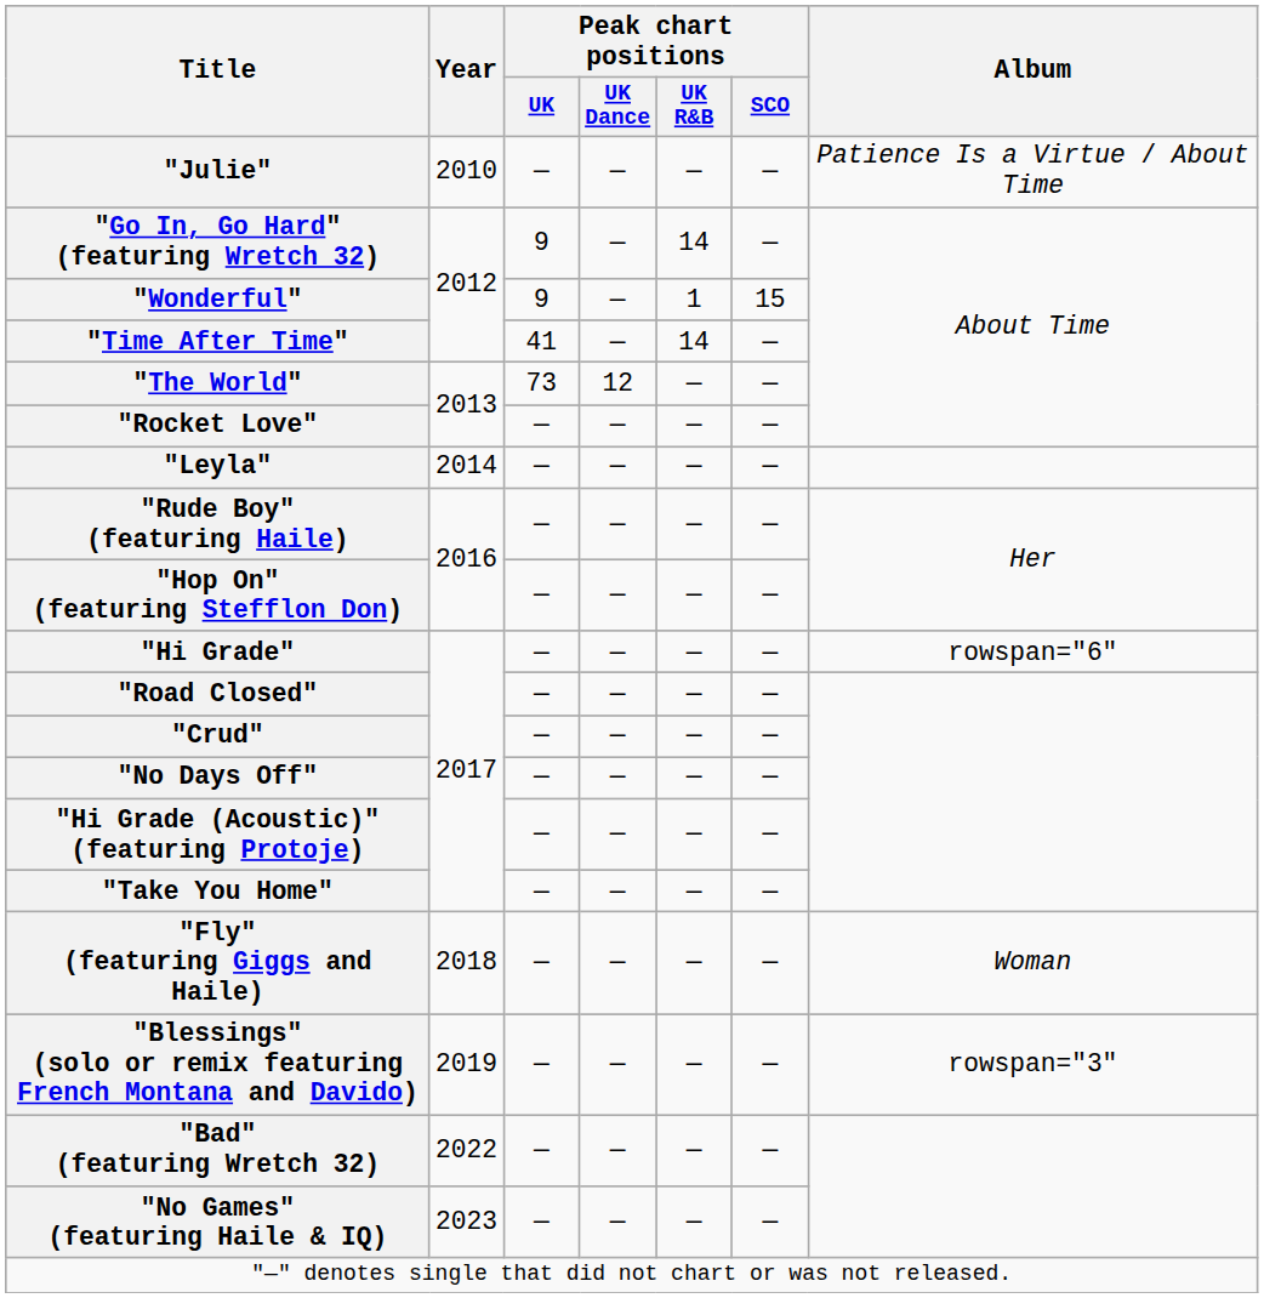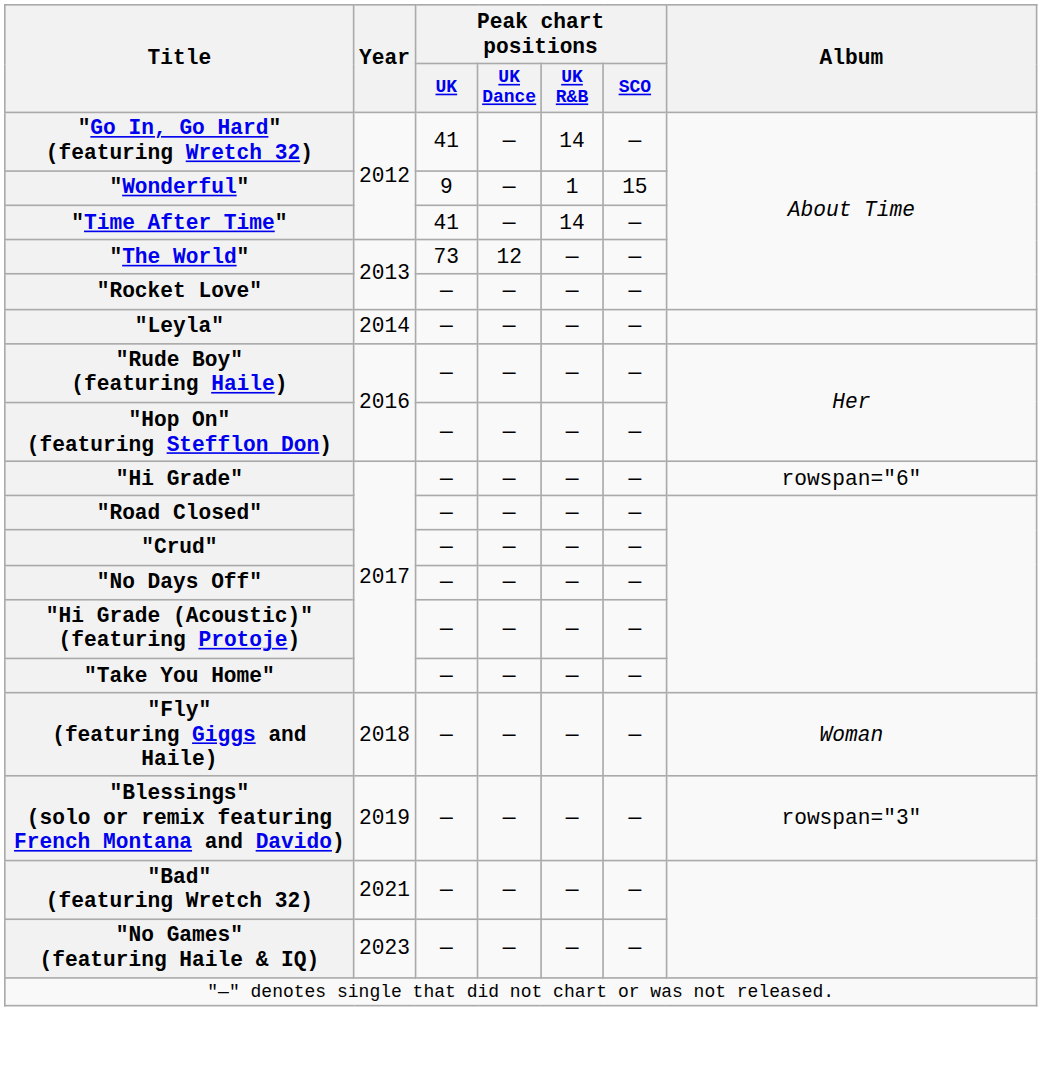 <table class="wikitable plainrowheaders" style="text-align:center;">
 <tr>
 <th scope="col" rowspan="2" style="width:16em;">Title</th>
 <th scope="col" rowspan="2" style="width:1em;">Year</th>
 <th scope="col" colspan="4">Peak chart positions</th>
 <th scope="col" rowspan="2" style="width:17em;">Album</th>
 </tr>
 <tr>
 <th scope="col" style="width:3em;font-size:85%;"><a href='#'>UK</a><br></th>
 <th scope="col" style="width:3em;font-size:85%;"><a href='#'>UK Dance</a><br></th>
 <th scope="col" style="width:3em;font-size:85%;"><a href='#'>UK R&B</a><br></th>
 <th scope="col" style="width:3em;font-size:85%;"><a href='#'>SCO</a><br></th>
 </tr>
 <tr>
-<th scope="row">"Julie"</th>
-<td>2010</td>
-<td>—</td>
-<td>—</td>
-<td>—</td>
-<td>—</td>
-<td><em>Patience Is a Virtue</em> / <em>About Time</em></td>
-</tr>
-<tr>
 <th scope="row">"<a href='#'>Go In, Go Hard</a>"<br><span>(featuring <a href='#'>Wretch 32</a>)</span></th>
 <td rowspan="3">2012</td>
-<td>9</td>
+<td>41</td>
 <td>—</td>
 <td>14</td>
 <td>—</td>
 <td rowspan="5"><em>About Time</em></td>
 </tr>
 <tr>
 <th scope="row">"<a href='#'>Wonderful</a>"</th>
 <td>9</td>
 <td>—</td>
 <td>1</td>
 <td>15</td>
 </tr>
 <tr>
 <th scope="row">"<a href='#'>Time After Time</a>"</th>
 <td>41</td>
 <td>—</td>
 <td>14</td>
 <td>—</td>
 </tr>
 <tr>
 <th scope="row">"<a href='#'>The World</a>"</th>
 <td rowspan="2">2013</td>
 <td>73</td>
 <td>12</td>
 <td>—</td>
 <td>—</td>
 </tr>
 <tr>
 <th scope="row">"Rocket Love"</th>
 <td>—</td>
 <td>—</td>
 <td>—</td>
 <td>—</td>
 </tr>
 <tr>
 <th scope="row">"Leyla"</th>
 <td>2014</td>
 <td>—</td>
 <td>—</td>
 <td>—</td>
 <td>—</td>
 <td></td>
 </tr>
 <tr>
 <th scope="row">"Rude Boy"<br><span>(featuring <a href='#'>Haile</a>)</span></th>
 <td rowspan="2">2016</td>
 <td>—</td>
 <td>—</td>
 <td>—</td>
 <td>—</td>
 <td rowspan="2"><em>Her</em></td>
 </tr>
 <tr>
 <th scope="row">"Hop On"<br><span>(featuring <a href='#'>Stefflon Don</a>)</span></th>
 <td>—</td>
 <td>—</td>
 <td>—</td>
 <td>—</td>
 </tr>
 <tr>
 <th scope="row">"Hi Grade"</th>
 <td rowspan="6">2017</td>
 <td>—</td>
 <td>—</td>
 <td>—</td>
 <td>—</td>
 <td>rowspan="6" </td>
 </tr>
 <tr>
 <th scope="row">"Road Closed"</th>
 <td>—</td>
 <td>—</td>
 <td>—</td>
 <td>—</td>
 </tr>
 <tr>
 <th scope="row">"Crud"</th>
 <td>—</td>
 <td>—</td>
 <td>—</td>
 <td>—</td>
 </tr>
 <tr>
 <th scope="row">"No Days Off"</th>
 <td>—</td>
 <td>—</td>
 <td>—</td>
 <td>—</td>
 </tr>
 <tr>
 <th scope="row">"Hi Grade (Acoustic)"<br><span>(featuring <a href='#'>Protoje</a>)</span></th>
 <td>—</td>
 <td>—</td>
 <td>—</td>
 <td>—</td>
 </tr>
 <tr>
 <th scope="row">"Take You Home"</th>
 <td>—</td>
 <td>—</td>
 <td>—</td>
 <td>—</td>
 </tr>
 <tr>
 <th scope="row">"Fly"<br><span>(featuring <a href='#'>Giggs</a> and Haile)</span></th>
 <td>2018</td>
 <td>—</td>
 <td>—</td>
 <td>—</td>
 <td>—</td>
 <td><em>Woman</em></td>
 </tr>
 <tr>
 <th scope="row">"Blessings"<br><span>(solo or remix featuring <a href='#'>French Montana</a> and <a href='#'>Davido</a>)</span></th>
 <td>2019</td>
 <td>—</td>
 <td>—</td>
 <td>—</td>
 <td>—</td>
 <td>rowspan="3" </td>
 </tr>
 <tr>
 <th scope="row">"Bad"<br><span>(featuring Wretch 32)</span></th>
-<td>2022</td>
+<td>2021</td>
 <td>—</td>
 <td>—</td>
 <td>—</td>
 <td>—</td>
 </tr>
 <tr>
 <th scope="row">"No Games"<br><span>(featuring Haile & IQ)</span></th>
 <td>2023</td>
 <td>—</td>
 <td>—</td>
 <td>—</td>
 <td>—</td>
 </tr>
 <tr>
 <td colspan="7" style="font-size:85%">"—" denotes single that did not chart or was not released.</td>
 </tr>
 </table>
